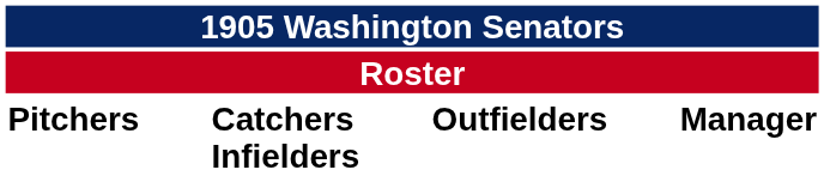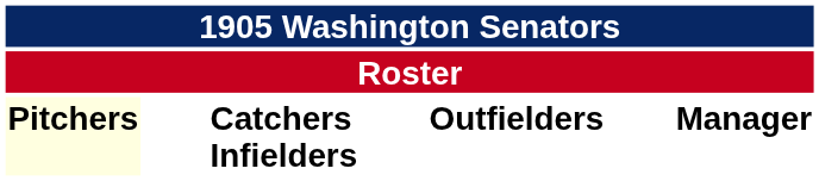 <table class="toccolours" style="font-size: 95%;">
 <tr>
 <th colspan="10" style="background-color: #072764; color: white; text-align: center;">1905 Washington Senators</th>
 </tr>
 <tr>
 <td colspan="10" style="background-color: #c6011f; color: white; text-align: center;"><strong>Roster</strong></td>
 </tr>
 <tr>
-<td valign="top"><strong>Pitchers</strong><br>        </td>
+<td valign="top" style="background: lightyellow;"><strong>Pitchers</strong><br>        </td>
 <td width="25px"></td>
 <td valign="top"><strong>Catchers</strong><br>  <strong>Infielders</strong>      </td>
 <td width="25px"></td>
 <td valign="top"><strong>Outfielders</strong><br>         </td>
 <td width="25px"></td>
 <td valign="top"><strong>Manager</strong><br></td>
 </tr>
 </table>
